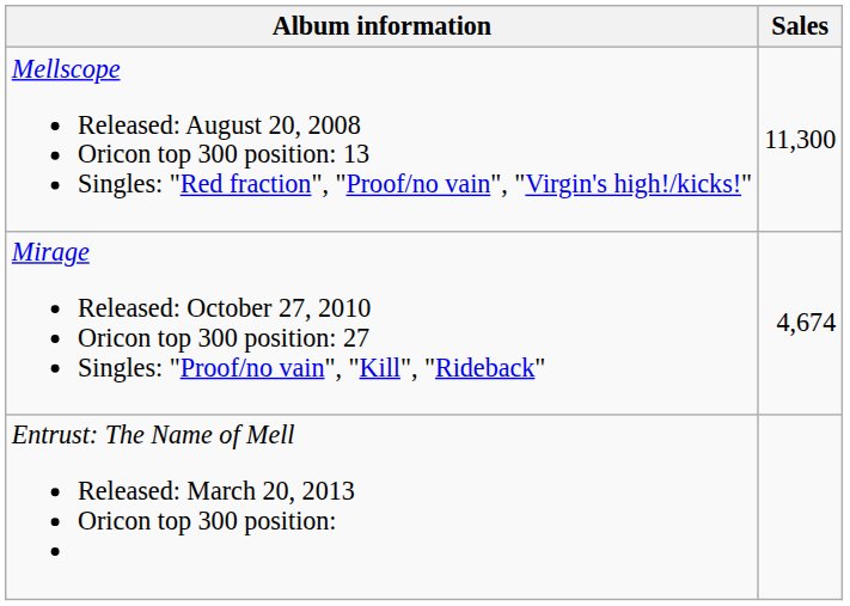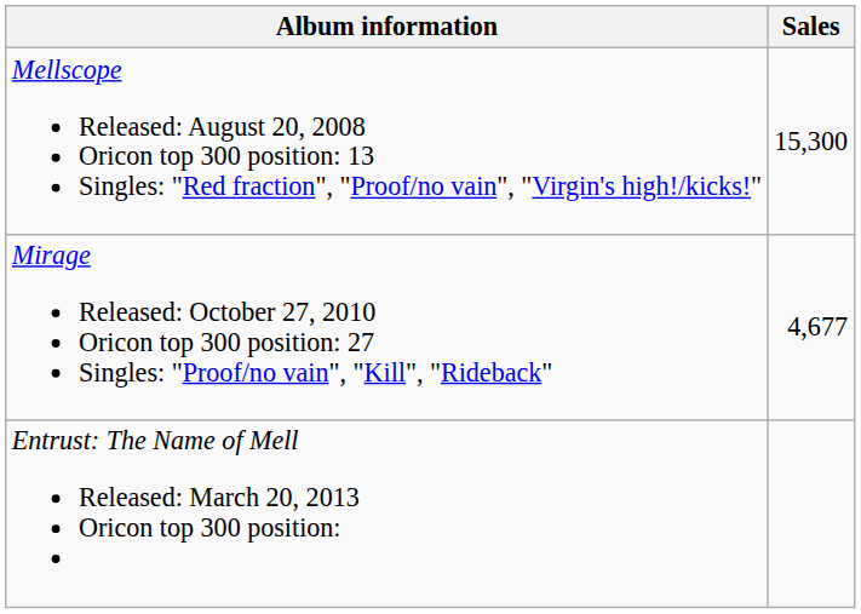 <table class="wikitable">
 <tr>
 <th>Album information</th>
 <th>Sales</th>
 </tr>
 <tr>
 <td><em><a href='#'>Mellscope</a></em><br><ul><li>Released: August 20, 2008</li><li>Oricon top 300 position: 13</li><li>Singles: "<a href='#'>Red fraction</a>", "<a href='#'>Proof/no vain</a>", "<a href='#'>Virgin's high!/kicks!</a>"</li></ul></td>
-<td align="right">11,300</td>
+<td align="right">15,300</td>
 </tr>
 <tr>
 <td><em><a href='#'>Mirage</a></em><br><ul><li>Released: October 27, 2010</li><li>Oricon top 300 position: 27</li><li>Singles: "<a href='#'>Proof/no vain</a>", "<a href='#'>Kill</a>", "<a href='#'>Rideback</a>"</li></ul></td>
-<td align="right">4,674</td>
+<td align="right">4,677</td>
 </tr>
 <tr>
 <td><em>Entrust: The Name of Mell</em><br><ul><li>Released: March 20, 2013</li><li>Oricon top 300 position:</li><li></li></ul></td>
 <td align="right"></td>
 </tr>
 </table>
